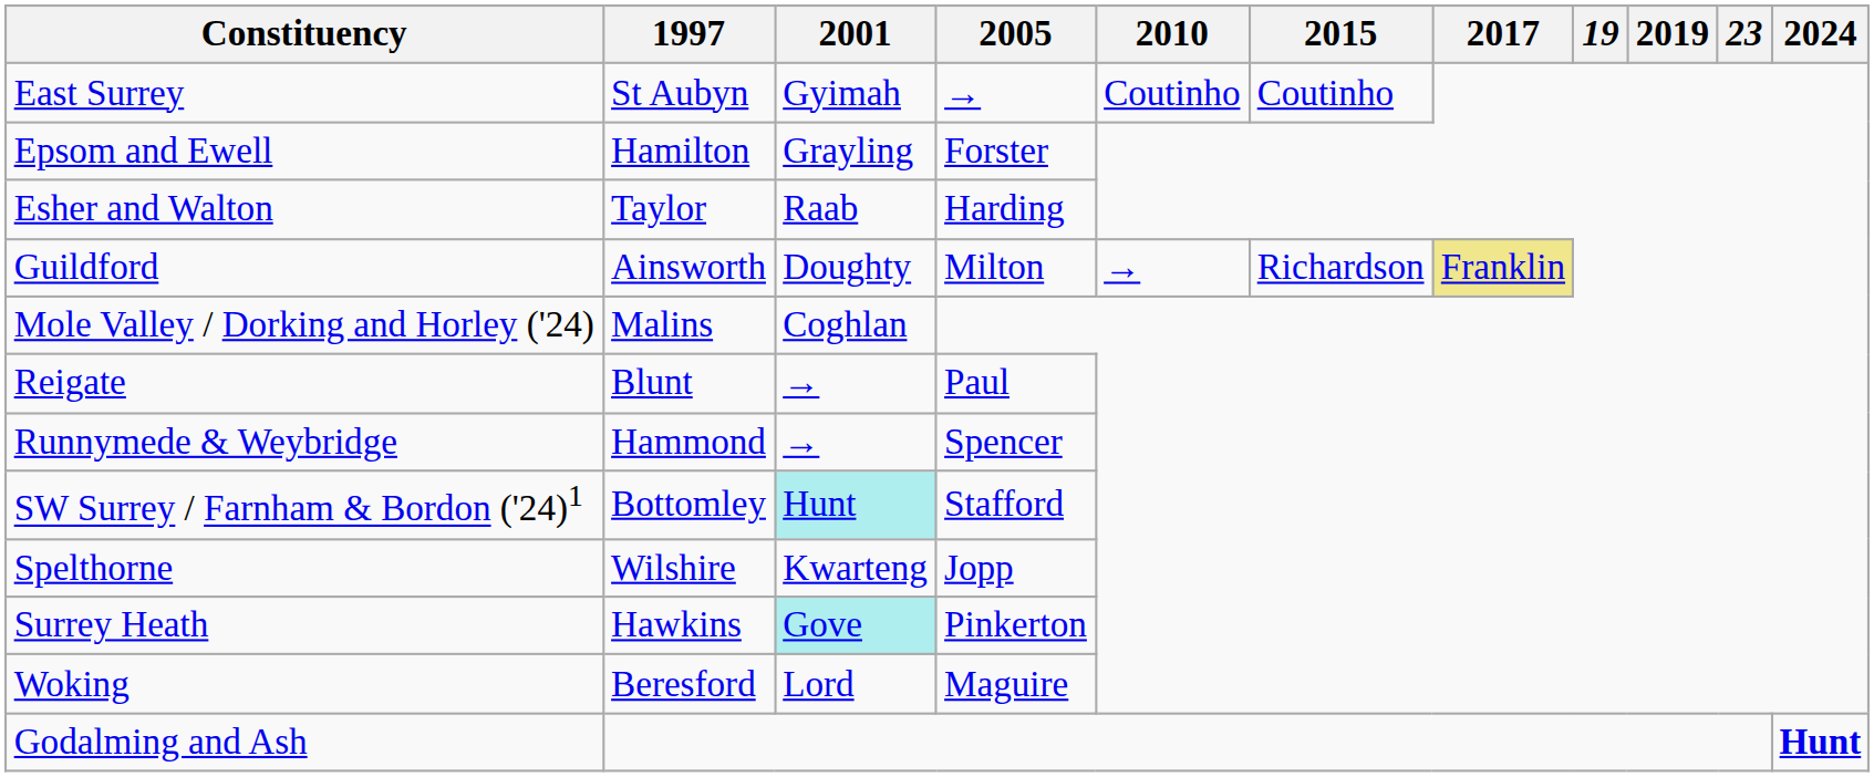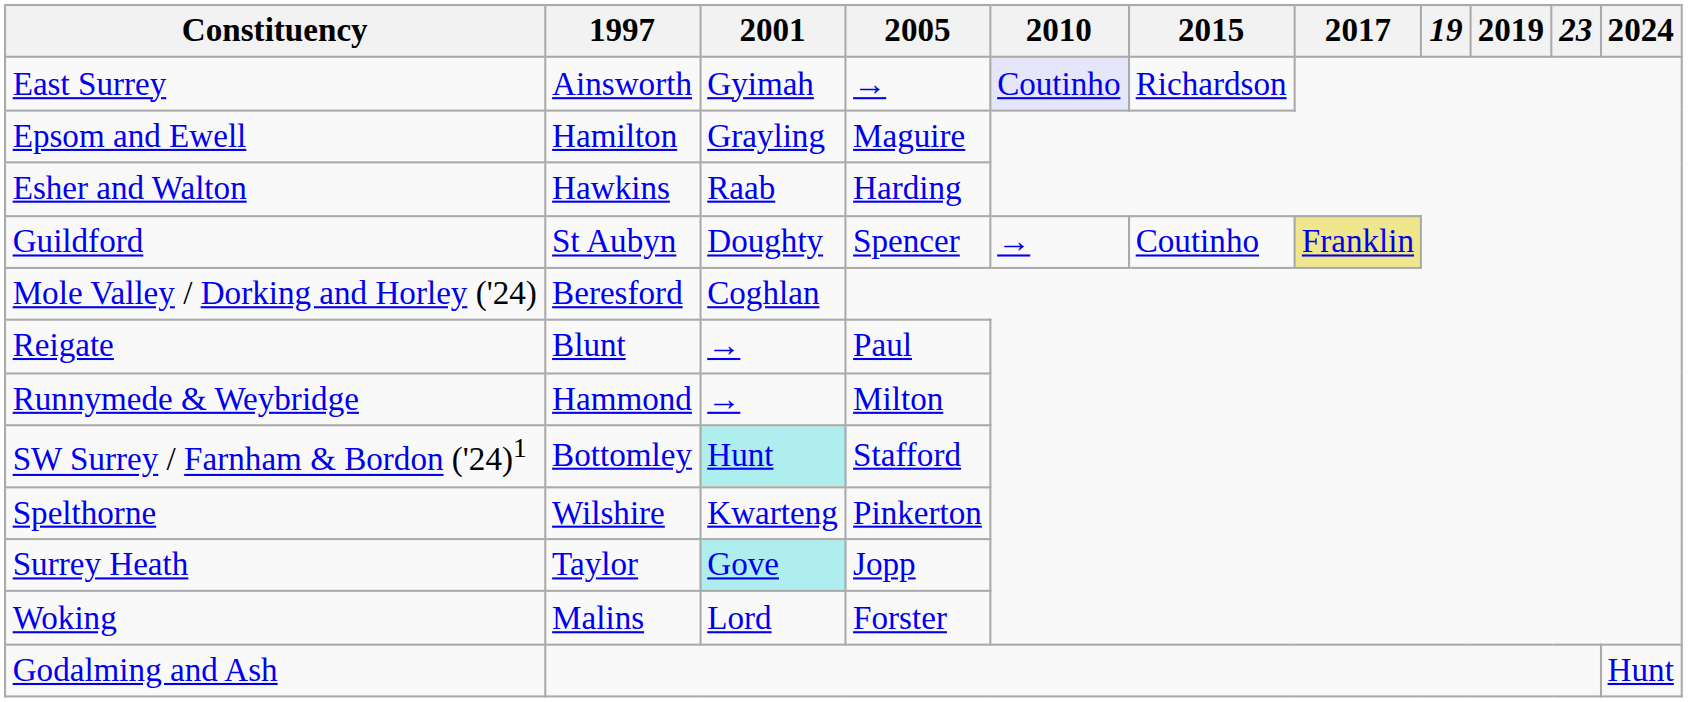 <table class="wikitable">
 <tr>
 <th>Constituency</th>
 <th>1997</th>
 <th>2001</th>
 <th>2005</th>
 <th>2010</th>
 <th>2015</th>
 <th>2017</th>
 <th><em>19</em></th>
 <th>2019</th>
 <th><em>23</em></th>
 <th>2024</th>
 </tr>
 <tr>
 <td><a href='#'>East Surrey</a></td>
-<td><a href='#'>St Aubyn</a></td>
+<td><a href='#'>Ainsworth</a></td>
 <td><a href='#'>Gyimah</a></td>
 <td><a href='#'>→</a></td>
-<td><a href='#'>Coutinho</a></td>
-<td><a href='#'>Coutinho</a></td>
+<td style="background: lavender;"><a href='#'>Coutinho</a></td>
+<td><a href='#'>Richardson</a></td>
 </tr>
 <tr>
 <td><a href='#'>Epsom and Ewell</a></td>
 <td><a href='#'>Hamilton</a></td>
 <td><a href='#'>Grayling</a></td>
-<td><a href='#'>Forster</a></td>
+<td><a href='#'>Maguire</a></td>
 </tr>
 <tr>
 <td><a href='#'>Esher and Walton</a></td>
-<td><a href='#'>Taylor</a></td>
+<td><a href='#'>Hawkins</a></td>
 <td><a href='#'>Raab</a></td>
 <td><a href='#'>Harding</a></td>
 </tr>
 <tr>
 <td><a href='#'>Guildford</a></td>
-<td><a href='#'>Ainsworth</a></td>
+<td><a href='#'>St Aubyn</a></td>
 <td><a href='#'>Doughty</a></td>
-<td><a href='#'>Milton</a></td>
+<td><a href='#'>Spencer</a></td>
 <td><a href='#'>→</a></td>
-<td><a href='#'>Richardson</a></td>
+<td><a href='#'>Coutinho</a></td>
 <td style="background: khaki;"><a href='#'>Franklin</a></td>
 </tr>
 <tr>
 <td><a href='#'>Mole Valley</a> / <a href='#'>Dorking and Horley</a> ('24)</td>
-<td><a href='#'>Malins</a></td>
+<td><a href='#'>Beresford</a></td>
 <td><a href='#'>Coghlan</a></td>
 </tr>
 <tr>
 <td><a href='#'>Reigate</a></td>
 <td><a href='#'>Blunt</a></td>
 <td><a href='#'>→</a></td>
 <td><a href='#'>Paul</a></td>
 </tr>
 <tr>
 <td><a href='#'>Runnymede & Weybridge</a></td>
 <td><a href='#'>Hammond</a></td>
 <td><a href='#'>→</a></td>
-<td><a href='#'>Spencer</a></td>
+<td><a href='#'>Milton</a></td>
 </tr>
 <tr>
 <td><a href='#'>SW Surrey</a> / <a href='#'>Farnham & Bordon</a> ('24)<sup>1</sup></td>
 <td><a href='#'>Bottomley</a></td>
 <td style="background: paleturquoise;"><a href='#'>Hunt</a></td>
 <td><a href='#'>Stafford</a></td>
 </tr>
 <tr>
 <td><a href='#'>Spelthorne</a></td>
 <td><a href='#'>Wilshire</a></td>
 <td><a href='#'>Kwarteng</a></td>
+<td><a href='#'>Pinkerton</a></td>
+</tr>
+<tr>
+<td><a href='#'>Surrey Heath</a></td>
+<td><a href='#'>Taylor</a></td>
+<td style="background: paleturquoise;"><a href='#'>Gove</a></td>
 <td><a href='#'>Jopp</a></td>
 </tr>
 <tr>
-<td><a href='#'>Surrey Heath</a></td>
-<td><a href='#'>Hawkins</a></td>
-<td style="background: paleturquoise;"><a href='#'>Gove</a></td>
-<td><a href='#'>Pinkerton</a></td>
-</tr>
-<tr>
 <td><a href='#'>Woking</a></td>
-<td><a href='#'>Beresford</a></td>
+<td><a href='#'>Malins</a></td>
 <td><a href='#'>Lord</a></td>
-<td><a href='#'>Maguire</a></td>
+<td><a href='#'>Forster</a></td>
 </tr>
 <tr>
 <td><a href='#'>Godalming and Ash</a></td>
 <td colspan="9"></td>
-<td><strong><a href='#'>Hunt</a></strong></td>
+<td><a href='#'>Hunt</a></td>
 </tr>
 </table>
